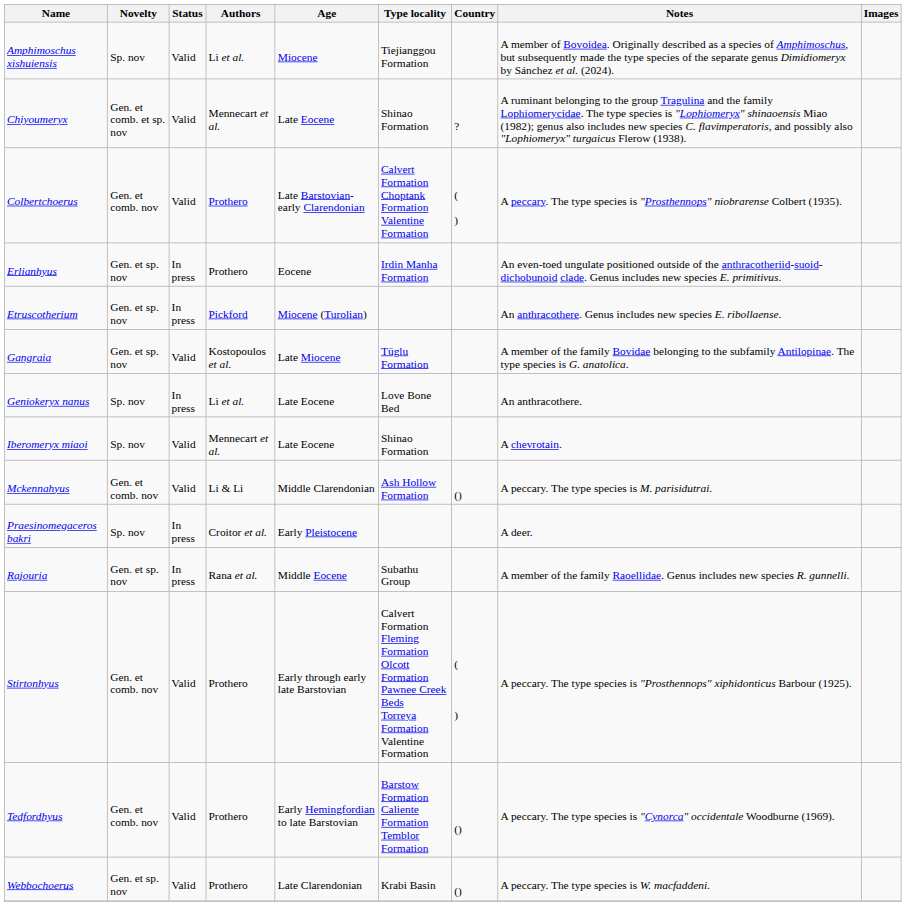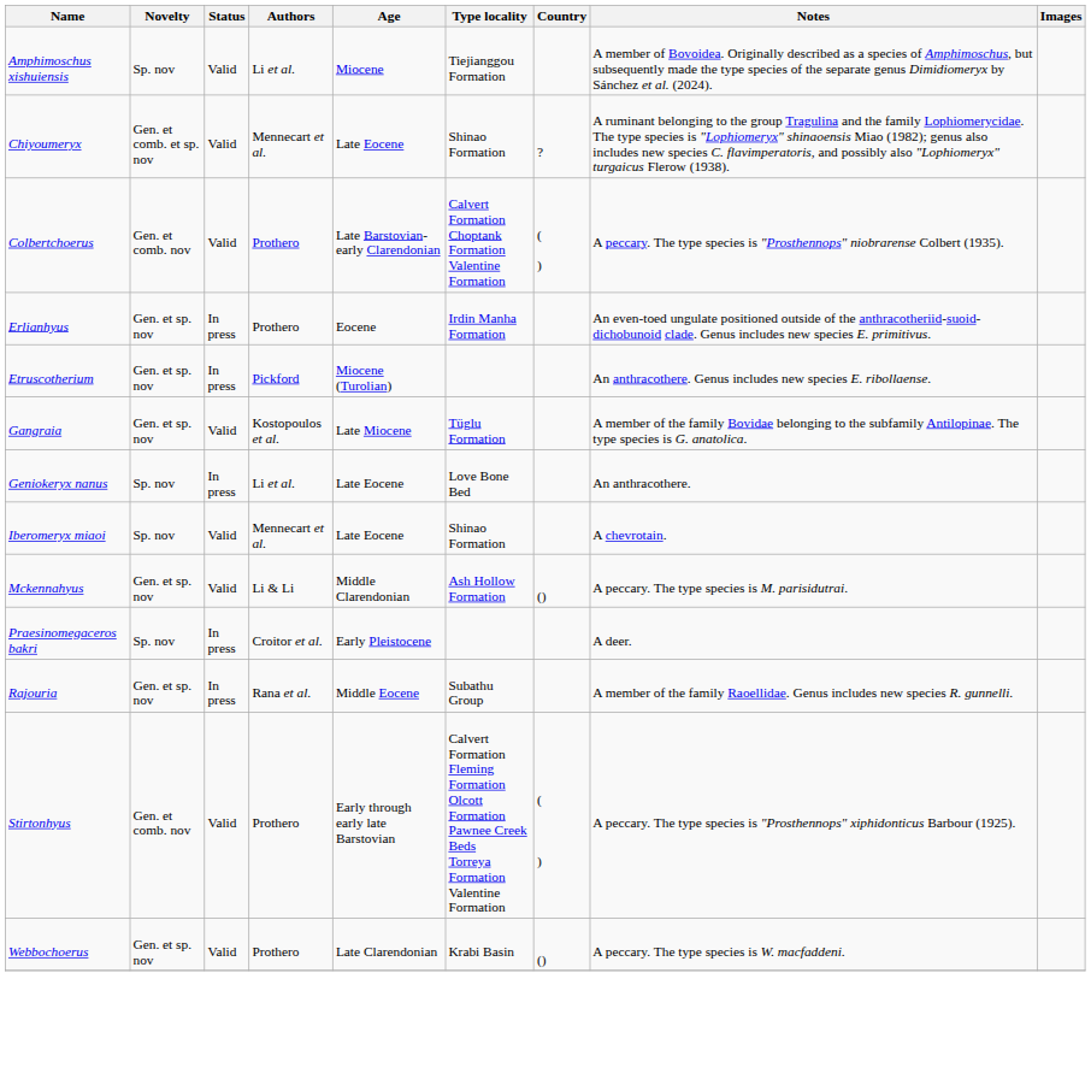 <table class="wikitable sortable" align="center" width="100%">
 <tr>
 <th>Name</th>
 <th>Novelty</th>
 <th>Status</th>
 <th>Authors</th>
 <th>Age</th>
 <th>Type locality</th>
 <th>Country</th>
 <th>Notes</th>
 <th>Images</th>
 </tr>
 <tr>
 <td><br><em><a href='#'>Amphimoschus xishuiensis</a></em></td>
 <td><br>Sp. nov</td>
 <td><br>Valid</td>
 <td><br>Li <em>et al.</em></td>
 <td><br><a href='#'>Miocene</a></td>
 <td><br>Tiejianggou Formation</td>
 <td><br></td>
 <td><br>A member of <a href='#'>Bovoidea</a>. Originally described as a species of <em><a href='#'>Amphimoschus</a></em>, but subsequently made the type species of the separate genus <em>Dimidiomeryx</em> by Sánchez <em>et al.</em> (2024).</td>
 <td></td>
 </tr>
 <tr>
 <td><br><em><a href='#'>Chiyoumeryx</a></em></td>
 <td><br>Gen. et comb. et sp. nov</td>
 <td><br>Valid</td>
 <td><br>Mennecart <em>et al.</em></td>
 <td><br>Late <a href='#'>Eocene</a></td>
 <td><br>Shinao Formation</td>
 <td><br><br> ?</td>
 <td><br>A ruminant belonging to the group <a href='#'>Tragulina</a> and the family <a href='#'>Lophiomerycidae</a>. The type species is <em>"<a href='#'>Lophiomeryx</a>" shinaoensis</em> Miao (1982); genus also includes new species <em>C. flavimperatoris</em>, and possibly also <em>"Lophiomeryx" turgaicus</em> Flerow (1938).</td>
 <td></td>
 </tr>
 <tr>
 <td><br><em><a href='#'>Colbertchoerus</a></em></td>
 <td><br>Gen. et comb. nov</td>
 <td><br>Valid</td>
 <td><br><a href='#'>Prothero</a></td>
 <td><br>Late <a href='#'>Barstovian</a>-early <a href='#'>Clarendonian</a></td>
 <td><br><a href='#'>Calvert Formation</a><br><a href='#'>Choptank Formation</a><br><a href='#'>Valentine Formation</a></td>
 <td><br><br>(<br><br>)</td>
 <td><br>A <a href='#'>peccary</a>. The type species is <em>"<a href='#'>Prosthennops</a>" niobrarense</em> Colbert (1935).</td>
 <td></td>
 </tr>
 <tr>
 <td><br><em><a href='#'>Erlianhyus</a></em></td>
 <td><br>Gen. et sp. nov</td>
 <td><br>In press</td>
 <td><br>Prothero</td>
 <td><br>Eocene</td>
 <td><br><a href='#'>Irdin Manha Formation</a></td>
 <td><br></td>
 <td><br>An even-toed ungulate positioned outside of the <a href='#'>anthracotheriid</a>-<a href='#'>suoid</a>-<a href='#'>dichobunoid</a> <a href='#'>clade</a>. Genus includes new species <em>E. primitivus</em>.</td>
 <td></td>
 </tr>
 <tr>
 <td><br><em><a href='#'>Etruscotherium</a></em></td>
 <td><br>Gen. et sp. nov</td>
 <td><br>In press</td>
 <td><br><a href='#'>Pickford</a></td>
 <td><br><a href='#'>Miocene</a> (<a href='#'>Turolian</a>)</td>
 <td></td>
 <td><br></td>
 <td><br>An <a href='#'>anthracothere</a>. Genus includes new species <em>E. ribollaense</em>.</td>
 <td></td>
 </tr>
 <tr>
 <td><br><em><a href='#'>Gangraia</a></em></td>
 <td><br>Gen. et sp. nov</td>
 <td><br>Valid</td>
 <td><br>Kostopoulos <em>et al.</em></td>
 <td><br>Late <a href='#'>Miocene</a></td>
 <td><br><a href='#'>Tüglu Formation</a></td>
 <td><br></td>
 <td><br>A member of the family <a href='#'>Bovidae</a> belonging to the subfamily <a href='#'>Antilopinae</a>. The type species is <em>G. anatolica</em>.</td>
 <td></td>
 </tr>
 <tr>
 <td><br><em><a href='#'>Geniokeryx nanus</a></em></td>
 <td><br>Sp. nov</td>
 <td><br>In press</td>
 <td><br>Li <em>et al.</em></td>
 <td><br>Late Eocene</td>
 <td><br>Love Bone Bed</td>
 <td><br></td>
 <td><br>An anthracothere.</td>
 <td></td>
 </tr>
 <tr>
 <td><br><em><a href='#'>Iberomeryx miaoi</a></em></td>
 <td><br>Sp. nov</td>
 <td><br>Valid</td>
 <td><br>Mennecart <em>et al.</em></td>
 <td><br>Late Eocene</td>
 <td><br>Shinao Formation</td>
 <td><br></td>
 <td><br>A <a href='#'>chevrotain</a>.</td>
 <td></td>
 </tr>
 <tr>
 <td><br><em><a href='#'>Mckennahyus</a></em></td>
-<td><br>Gen. et comb. nov</td>
+<td><br>Gen. et sp. nov</td>
 <td><br>Valid</td>
 <td><br>Li & Li</td>
 <td><br>Middle Clarendonian</td>
 <td><br><a href='#'>Ash Hollow Formation</a></td>
 <td><br><br>()</td>
 <td><br>A peccary. The type species is <em>M. parisidutrai</em>.</td>
 <td></td>
 </tr>
 <tr>
 <td><br><em><a href='#'>Praesinomegaceros bakri</a></em></td>
 <td><br>Sp. nov</td>
 <td><br>In press</td>
 <td><br>Croitor <em>et al.</em></td>
 <td><br>Early <a href='#'>Pleistocene</a></td>
 <td></td>
 <td><br></td>
 <td><br>A deer.</td>
 <td></td>
 </tr>
 <tr>
 <td><br><em><a href='#'>Rajouria</a></em></td>
 <td><br>Gen. et sp. nov</td>
 <td><br>In press</td>
 <td><br>Rana <em>et al.</em></td>
 <td><br>Middle <a href='#'>Eocene</a></td>
 <td><br>Subathu Group</td>
 <td><br></td>
 <td><br>A member of the family <a href='#'>Raoellidae</a>. Genus includes new species <em>R. gunnelli</em>.</td>
 <td></td>
 </tr>
 <tr>
 <td><br><em><a href='#'>Stirtonhyus</a></em></td>
 <td><br>Gen. et comb. nov</td>
 <td><br>Valid</td>
 <td><br>Prothero</td>
 <td><br>Early through early late Barstovian</td>
 <td><br>Calvert Formation<br><a href='#'>Fleming Formation</a><br><a href='#'>Olcott Formation</a><br><a href='#'>Pawnee Creek Beds</a><br><a href='#'>Torreya Formation</a><br>Valentine Formation</td>
 <td><br><br>(<br><br><br><br>)</td>
 <td><br>A peccary. The type species is <em>"Prosthennops" xiphidonticus</em> Barbour (1925).</td>
 <td></td>
 </tr>
 <tr>
-<td><br><em><a href='#'>Tedfordhyus</a></em></td>
-<td><br>Gen. et comb. nov</td>
-<td><br>Valid</td>
-<td><br>Prothero</td>
-<td><br>Early <a href='#'>Hemingfordian</a> to late Barstovian</td>
-<td><br><a href='#'>Barstow Formation</a><br><a href='#'>Caliente Formation</a><br><a href='#'>Temblor Formation</a></td>
-<td><br><br> <br>()</td>
-<td><br>A peccary. The type species is <em>"<a href='#'>Cynorca</a>" occidentale</em> Woodburne (1969).</td>
-<td></td>
-</tr>
-<tr>
 <td><br><em><a href='#'>Webbochoerus</a></em></td>
 <td><br>Gen. et sp. nov</td>
 <td><br>Valid</td>
 <td><br>Prothero</td>
 <td><br>Late Clarendonian</td>
 <td><br>Krabi Basin</td>
 <td><br><br>()</td>
 <td><br>A peccary. The type species is <em>W. macfaddeni</em>.</td>
 <td></td>
 </tr>
 <tr>
 </tr>
 </table>
